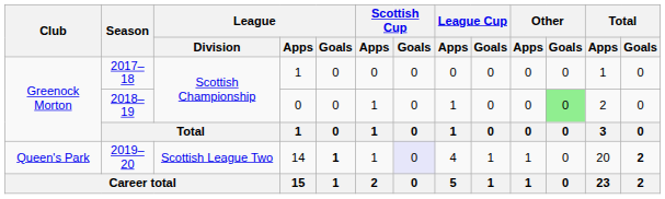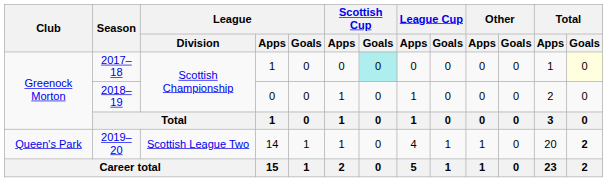 <table class="wikitable" style="text-align:center">
 <tr>
 <th rowspan="2">Club</th>
 <th rowspan="2">Season</th>
 <th colspan="3">League</th>
 <th colspan="2"><a href='#'>Scottish Cup</a></th>
 <th colspan="2"><a href='#'>League Cup</a></th>
 <th colspan="2">Other</th>
 <th colspan="2">Total</th>
 </tr>
 <tr>
 <th>Division</th>
 <th>Apps</th>
 <th>Goals</th>
 <th>Apps</th>
 <th>Goals</th>
 <th>Apps</th>
 <th>Goals</th>
 <th>Apps</th>
 <th>Goals</th>
 <th>Apps</th>
 <th>Goals</th>
 </tr>
 <tr>
 <td rowspan="3"><a href='#'>Greenock Morton</a></td>
 <td><a href='#'>2017–18</a></td>
 <td rowspan="2"><a href='#'>Scottish Championship</a></td>
 <td>1</td>
 <td>0</td>
 <td>0</td>
-<td>0</td>
+<td style="background: paleturquoise;">0</td>
 <td>0</td>
 <td>0</td>
 <td>0</td>
 <td>0</td>
 <td>1</td>
-<td>0</td>
+<td style="background: lightyellow;">0</td>
 </tr>
 <tr>
 <td><a href='#'>2018–19</a></td>
 <td>0</td>
 <td>0</td>
 <td>1</td>
 <td>0</td>
 <td>1</td>
 <td>0</td>
 <td>0</td>
-<td style="background: lightgreen;">0</td>
+<td>0</td>
 <td>2</td>
 <td>0</td>
 </tr>
 <tr>
 <th colspan="2">Total</th>
 <th>1</th>
 <th>0</th>
 <th>1</th>
 <th>0</th>
 <th>1</th>
 <th>0</th>
 <th>0</th>
 <th>0</th>
 <th>3</th>
 <th>0</th>
 </tr>
 <tr>
 <td><a href='#'>Queen's Park</a></td>
 <td><a href='#'>2019–20</a></td>
 <td><a href='#'>Scottish League Two</a></td>
 <td>14</td>
-<td><strong>1</strong></td>
 <td>1</td>
-<td style="background: lavender;">0</td>
+<td>1</td>
+<td>0</td>
 <td>4</td>
 <td>1</td>
 <td>1</td>
 <td>0</td>
 <td>20</td>
 <td><strong>2</strong></td>
 </tr>
 <tr>
 <th colspan="3">Career total</th>
 <th>15</th>
 <th>1</th>
 <th>2</th>
 <th>0</th>
 <th>5</th>
 <th>1</th>
 <th>1</th>
 <th>0</th>
 <th>23</th>
 <th>2</th>
 </tr>
 </table>
